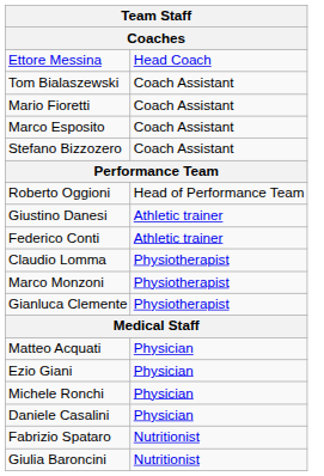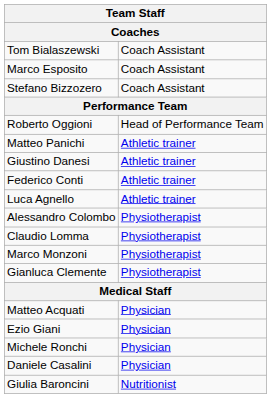 <table class="wikitable sortable">
 <tr>
 <th colspan=2>Team Staff</th>
 </tr>
 <tr>
 <th colspan=2>Coaches</th>
 </tr>
 <tr>
-<td><a href='#'>Ettore Messina</a></td>
-<td><a href='#'>Head Coach</a></td>
-</tr>
-<tr>
 <td>Tom Bialaszewski</td>
-<td>Coach Assistant</td>
-</tr>
-<tr>
-<td>Mario Fioretti</td>
 <td>Coach Assistant</td>
 </tr>
 <tr>
 <td>Marco Esposito</td>
 <td>Coach Assistant</td>
 </tr>
 <tr>
 <td>Stefano Bizzozero</td>
 <td>Coach Assistant</td>
 </tr>
 <tr>
 <th colspan=2>Performance Team</th>
 </tr>
 <tr>
 <td>Roberto Oggioni</td>
 <td>Head of Performance Team</td>
 </tr>
 <tr>
+<td>Matteo Panichi</td>
+<td><a href='#'>Athletic trainer</a></td>
+</tr>
+<tr>
 <td>Giustino Danesi</td>
 <td><a href='#'>Athletic trainer</a></td>
 </tr>
 <tr>
 <td>Federico Conti</td>
 <td><a href='#'>Athletic trainer</a></td>
+</tr>
+<tr>
+<td>Luca Agnello</td>
+<td><a href='#'>Athletic trainer</a></td>
+</tr>
+<tr>
+<td>Alessandro Colombo</td>
+<td><a href='#'>Physiotherapist</a></td>
 </tr>
 <tr>
 <td>Claudio Lomma</td>
 <td><a href='#'>Physiotherapist</a></td>
 </tr>
 <tr>
 <td>Marco Monzoni</td>
 <td><a href='#'>Physiotherapist</a></td>
 </tr>
 <tr>
 <td>Gianluca Clemente</td>
 <td><a href='#'>Physiotherapist</a></td>
 </tr>
 <tr>
 <th colspan=2>Medical Staff</th>
 </tr>
 <tr>
 <td>Matteo Acquati</td>
 <td><a href='#'>Physician</a></td>
 </tr>
 <tr>
 <td>Ezio Giani</td>
 <td><a href='#'>Physician</a></td>
 </tr>
 <tr>
 <td>Michele Ronchi</td>
 <td><a href='#'>Physician</a></td>
 </tr>
 <tr>
 <td>Daniele Casalini</td>
 <td><a href='#'>Physician</a></td>
 </tr>
 <tr>
-<td>Fabrizio Spataro</td>
-<td><a href='#'>Nutritionist</a></td>
-</tr>
-<tr>
 <td>Giulia Baroncini</td>
 <td><a href='#'>Nutritionist</a></td>
 </tr>
 </table>
